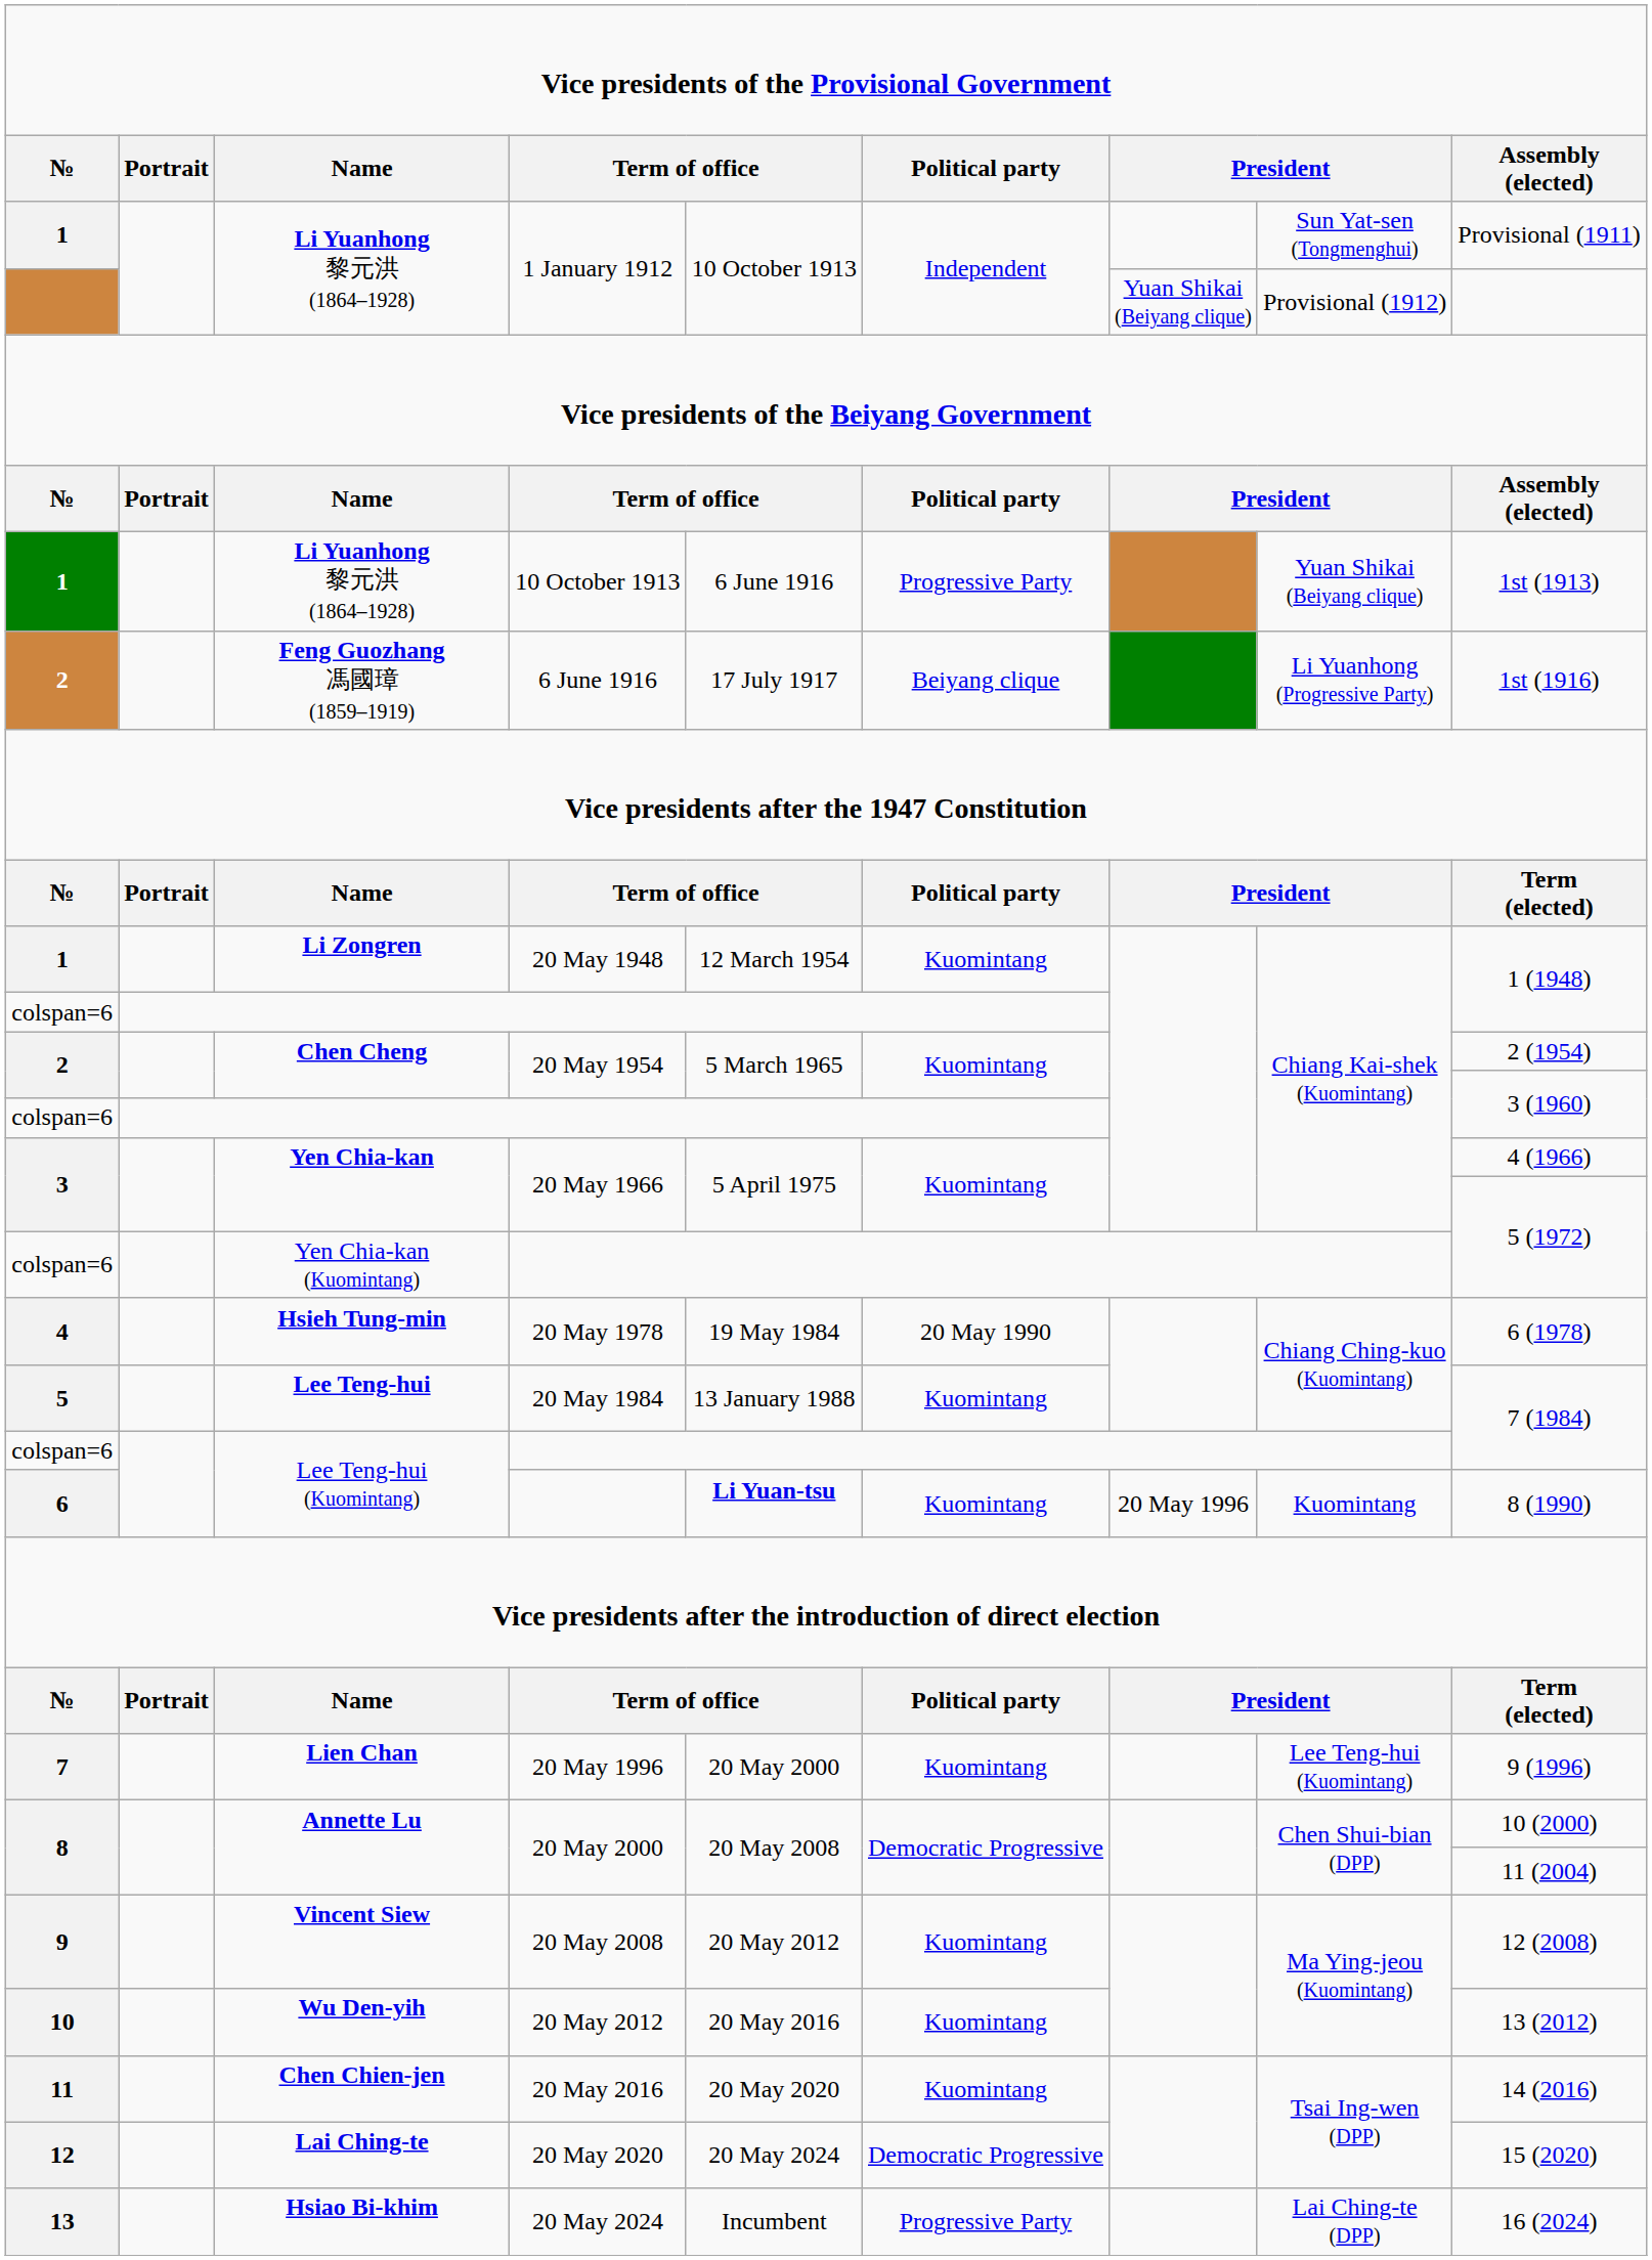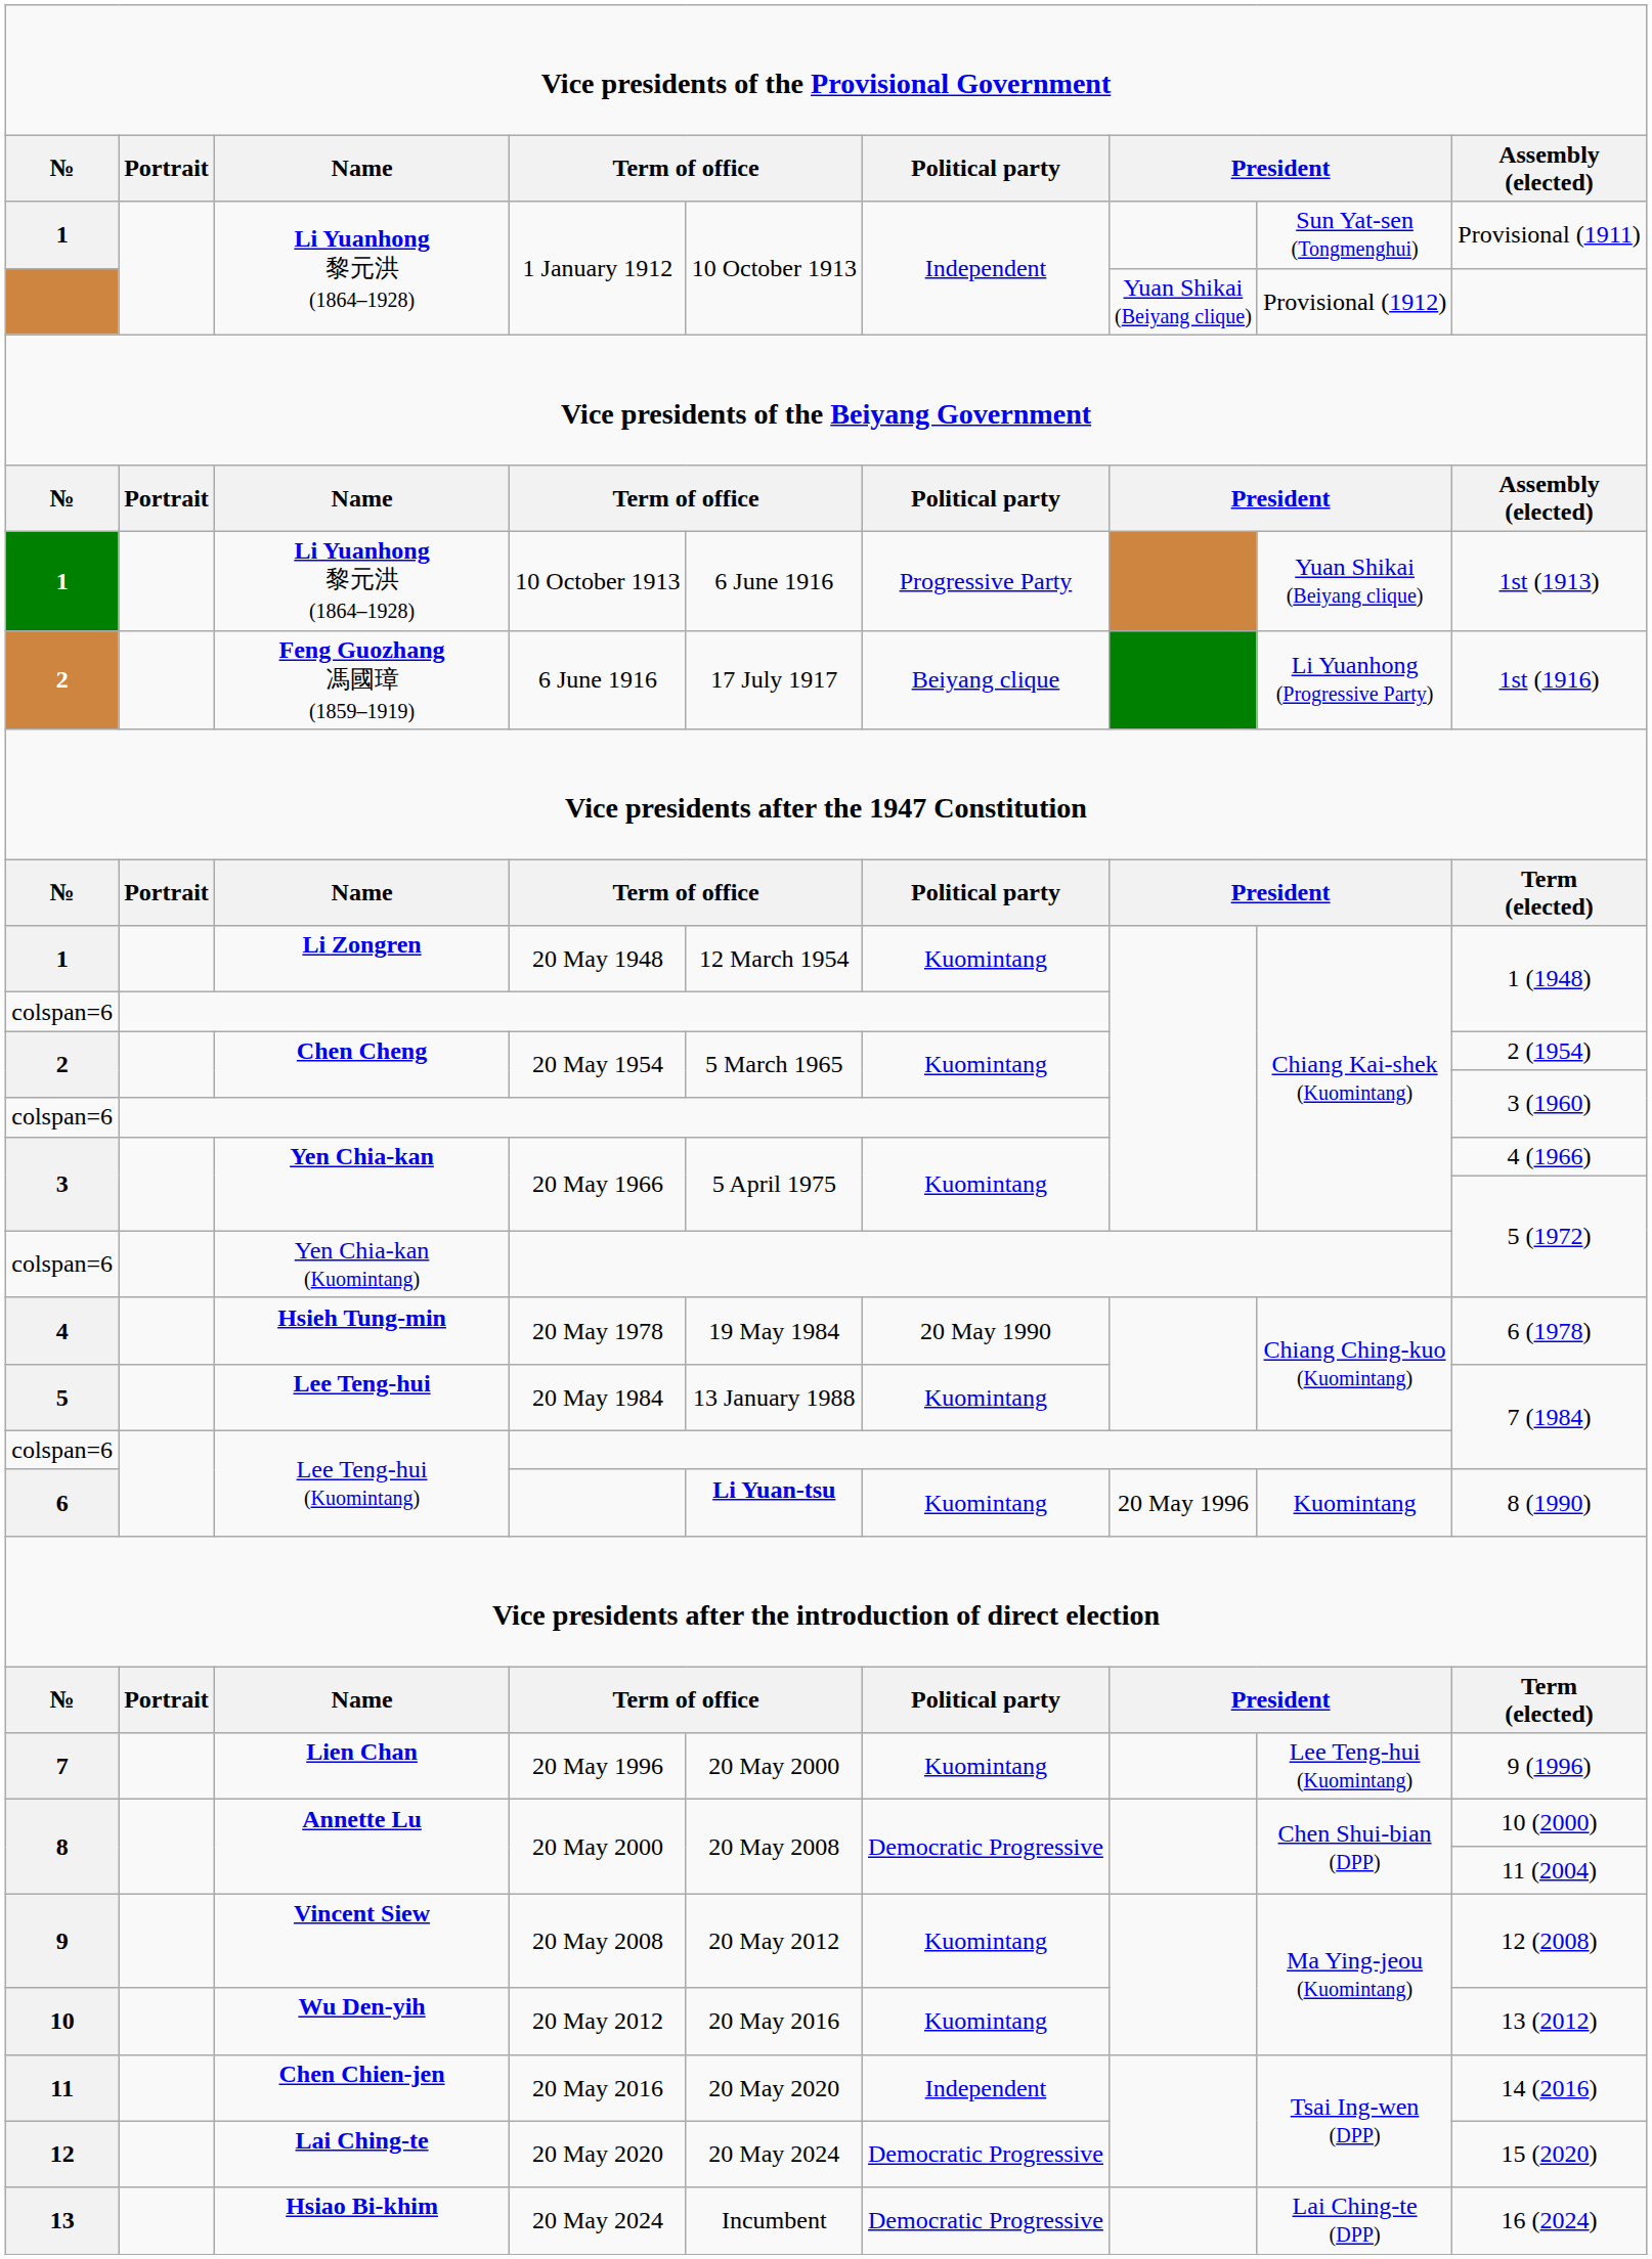 <table class="wikitable" style="margin:1em auto; text-align:center">
 <tr>
 <td colspan=9><br><h3>Vice presidents of the <a href='#'>Provisional Government</a></h3></td>
 </tr>
 <tr>
 <th>№</th>
 <th>Portrait</th>
 <th width=18%>Name<br></th>
 <th colspan=2>Term of office</th>
 <th>Political party</th>
 <th colspan=2><a href='#'>President</a></th>
 <th>Assembly<br>(elected)</th>
 </tr>
 <tr>
 <th style="background:">1</th>
 <td rowspan=2></td>
 <td rowspan=2 align=center><strong><a href='#'>Li Yuanhong</a></strong><br><span>黎元洪</span><br><small>(1864–1928)</small></td>
 <td rowspan=2>1 January 1912</td>
 <td rowspan=2>10 October 1913</td>
 <td rowspan=2><a href='#'>Independent</a></td>
 <td></td>
 <td><a href='#'>Sun Yat-sen</a> <br><small>(<a href='#'>Tongmenghui</a>)</small></td>
 <td align="center">Provisional (<a href='#'>1911</a>)</td>
 </tr>
 <tr>
 <td bgcolor="#CD853F"></td>
 <td><a href='#'>Yuan Shikai</a> <br><small>(<a href='#'>Beiyang clique</a>)</small></td>
 <td align="center">Provisional (<a href='#'>1912</a>)</td>
 </tr>
 <tr>
 <td colspan=9><br><h3>Vice presidents of the <a href='#'>Beiyang Government</a></h3></td>
 </tr>
 <tr>
 <th>№</th>
 <th>Portrait</th>
 <th width=18%>Name<br></th>
 <th colspan=2>Term of office</th>
 <th>Political party</th>
 <th colspan=2><a href='#'>President</a></th>
 <th>Assembly<br>(elected)</th>
 </tr>
 <tr>
 <th style="background:#008000; color:white;">1</th>
 <td></td>
 <td align=center><strong><a href='#'>Li Yuanhong</a></strong><br><span>黎元洪</span><br><small>(1864–1928)</small></td>
 <td>10 October 1913</td>
 <td>6 June 1916</td>
 <td><a href='#'>Progressive Party</a></td>
 <td bgcolor="#CD853F"></td>
 <td><a href='#'>Yuan Shikai</a> <br><small>(<a href='#'>Beiyang clique</a>)</small></td>
 <td><a href='#'>1st</a> (<a href='#'>1913</a>)</td>
 </tr>
 <tr>
 <th style="background:#CD853F; color:white;">2</th>
 <td></td>
 <td align=center><strong><a href='#'>Feng Guozhang</a></strong><br><span>馮國璋</span><br><small>(1859–1919)</small></td>
 <td>6 June 1916</td>
 <td>17 July 1917</td>
 <td><a href='#'>Beiyang clique</a></td>
 <td bgcolor="#008000"></td>
 <td><a href='#'>Li Yuanhong</a> <br><small>(<a href='#'>Progressive Party</a>)</small></td>
 <td><a href='#'>1st</a> (<a href='#'>1916</a>)</td>
 </tr>
 <tr>
 <td colspan=9><br><h3>Vice presidents after the 1947 Constitution</h3></td>
 </tr>
 <tr>
 <th>№</th>
 <th>Portrait</th>
 <th width=18%>Name<br></th>
 <th colspan=2>Term of office</th>
 <th>Political party</th>
 <th colspan=2><a href='#'>President</a></th>
 <th>Term<br>(elected)</th>
 </tr>
 <tr>
 <th style="background:">1</th>
 <td></td>
 <td><strong><a href='#'>Li Zongren</a></strong><br><br></td>
 <td>20 May 1948</td>
 <td>12 March 1954</td>
 <td><a href='#'>Kuomintang</a></td>
 <td rowspan=7></td>
 <td rowspan=7><a href='#'>Chiang Kai-shek</a> <br><small>(<a href='#'>Kuomintang</a>)</small></td>
 <td rowspan=2>1 (<a href='#'>1948</a>)</td>
 </tr>
 <tr>
 <td>colspan=6 </td>
 </tr>
 <tr>
 <th rowspan=2 style="background:">2</th>
 <td rowspan=2></td>
 <td rowspan=2><strong><a href='#'>Chen Cheng</a></strong><br><br></td>
 <td rowspan=2>20 May 1954</td>
 <td rowspan=2>5 March 1965</td>
 <td rowspan=2><a href='#'>Kuomintang</a></td>
 <td>2 (<a href='#'>1954</a>)</td>
 </tr>
 <tr>
 <td rowspan=2>3 (<a href='#'>1960</a>)</td>
 </tr>
 <tr>
 <td>colspan=6 </td>
 </tr>
 <tr>
 <th rowspan=2 style="background:">3</th>
 <td rowspan=2></td>
 <td rowspan=2><strong><a href='#'>Yen Chia-kan</a><br></strong><br><br></td>
 <td rowspan=2>20 May 1966</td>
 <td rowspan=2>5 April 1975</td>
 <td rowspan=2><a href='#'>Kuomintang</a></td>
 <td>4 (<a href='#'>1966</a>)</td>
 </tr>
 <tr>
 <td rowspan=2>5 (<a href='#'>1972</a>)</td>
 </tr>
 <tr>
 <td>colspan=6 </td>
 <td></td>
 <td><a href='#'>Yen Chia-kan</a> <br><small>(<a href='#'>Kuomintang</a>)</small></td>
 </tr>
 <tr>
 <th style="background:">4</th>
 <td></td>
 <td><strong><a href='#'>Hsieh Tung-min</a></strong><br><br></td>
 <td>20 May 1978</td>
 <td>19 May 1984</td>
 <td>20 May 1990</td>
 <td rowspan=2></td>
 <td rowspan=2><a href='#'>Chiang Ching-kuo</a> <br><small>(<a href='#'>Kuomintang</a>)</small></td>
 <td>6 (<a href='#'>1978</a>)</td>
 </tr>
 <tr>
 <th style="background:">5</th>
 <td></td>
 <td><strong><a href='#'>Lee Teng-hui</a></strong><br><br></td>
 <td>20 May 1984</td>
 <td>13 January 1988</td>
 <td><a href='#'>Kuomintang</a></td>
 <td rowspan=2>7 (<a href='#'>1984</a>)</td>
 </tr>
 <tr>
 <td>colspan=6 </td>
 <td rowspan=2></td>
 <td rowspan=2><a href='#'>Lee Teng-hui</a> <br><small>(<a href='#'>Kuomintang</a>)</small></td>
 </tr>
 <tr>
 <th style="background:">6</th>
 <td></td>
 <td><strong><a href='#'>Li Yuan-tsu</a></strong><br><br></td>
 <td><a href='#'>Kuomintang</a></td>
 <td>20 May 1996</td>
 <td><a href='#'>Kuomintang</a></td>
 <td>8 (<a href='#'>1990</a>)</td>
 </tr>
 <tr>
 <td colspan=9><br><h3>Vice presidents after the introduction of direct election</h3></td>
 </tr>
 <tr>
 <th>№</th>
 <th>Portrait</th>
 <th width=18%>Name<br></th>
 <th colspan=2>Term of office</th>
 <th>Political party</th>
 <th colspan=2><a href='#'>President</a></th>
 <th>Term<br>(elected)</th>
 </tr>
 <tr>
 <th style="background:">7</th>
 <td></td>
 <td><strong><a href='#'>Lien Chan</a></strong><br><br></td>
 <td>20 May 1996</td>
 <td>20 May 2000</td>
 <td><a href='#'>Kuomintang</a></td>
 <td></td>
 <td><a href='#'>Lee Teng-hui</a><br><small>(<a href='#'>Kuomintang</a>)</small></td>
 <td>9 (<a href='#'>1996</a>)</td>
 </tr>
 <tr>
 <th rowspan=2 style="background:">8</th>
 <td rowspan=2></td>
 <td rowspan=2><strong><a href='#'>Annette Lu</a><br></strong><br><br></td>
 <td rowspan=2>20 May 2000</td>
 <td rowspan=2>20 May 2008</td>
 <td rowspan=2><a href='#'>Democratic Progressive</a></td>
 <td rowspan=2></td>
 <td rowspan=2><a href='#'>Chen Shui-bian</a><br><small>(<a href='#'>DPP</a>)</small></td>
 <td>10 (<a href='#'>2000</a>)</td>
 </tr>
 <tr>
 <td>11 (<a href='#'>2004</a>)</td>
 </tr>
 <tr>
 <th style="background:">9</th>
 <td></td>
 <td><strong><a href='#'>Vincent Siew</a><br></strong><br><br></td>
 <td>20 May 2008</td>
 <td>20 May 2012</td>
 <td><a href='#'>Kuomintang</a></td>
 <td rowspan=2></td>
 <td rowspan=2><a href='#'>Ma Ying-jeou</a><br><small>(<a href='#'>Kuomintang</a>)</small></td>
 <td>12 (<a href='#'>2008</a>)</td>
 </tr>
 <tr>
 <th style="background:">10</th>
 <td></td>
 <td><strong><a href='#'>Wu Den-yih</a></strong><br><br></td>
 <td>20 May 2012</td>
 <td>20 May 2016</td>
 <td><a href='#'>Kuomintang</a></td>
 <td>13 (<a href='#'>2012</a>)</td>
 </tr>
 <tr>
 <th style="background:">11</th>
 <td></td>
 <td><strong><a href='#'>Chen Chien-jen</a></strong><br><br></td>
 <td>20 May 2016</td>
 <td>20 May 2020</td>
-<td><a href='#'>Kuomintang</a></td>
+<td><a href='#'>Independent</a></td>
 <td rowspan=2></td>
 <td rowspan=2><a href='#'>Tsai Ing-wen</a><br><small>(<a href='#'>DPP</a>)</small></td>
 <td>14 (<a href='#'>2016</a>)</td>
 </tr>
 <tr>
 <th style="background:">12</th>
 <td></td>
 <td><strong><a href='#'>Lai Ching-te</a></strong><br><br></td>
 <td>20 May 2020</td>
 <td>20 May 2024</td>
 <td><a href='#'>Democratic Progressive</a></td>
 <td>15 (<a href='#'>2020</a>)</td>
 </tr>
 <tr>
 <th style="background:">13</th>
 <td></td>
 <td><strong><a href='#'>Hsiao Bi-khim</a></strong><br><br></td>
 <td>20 May 2024</td>
 <td>Incumbent</td>
-<td><a href='#'>Progressive Party</a></td>
+<td><a href='#'>Democratic Progressive</a></td>
 <td></td>
 <td><a href='#'>Lai Ching-te</a><br><small>(<a href='#'>DPP</a>)</small></td>
 <td>16 (<a href='#'>2024</a>)</td>
 </tr>
 <tr>
 </tr>
 </table>
